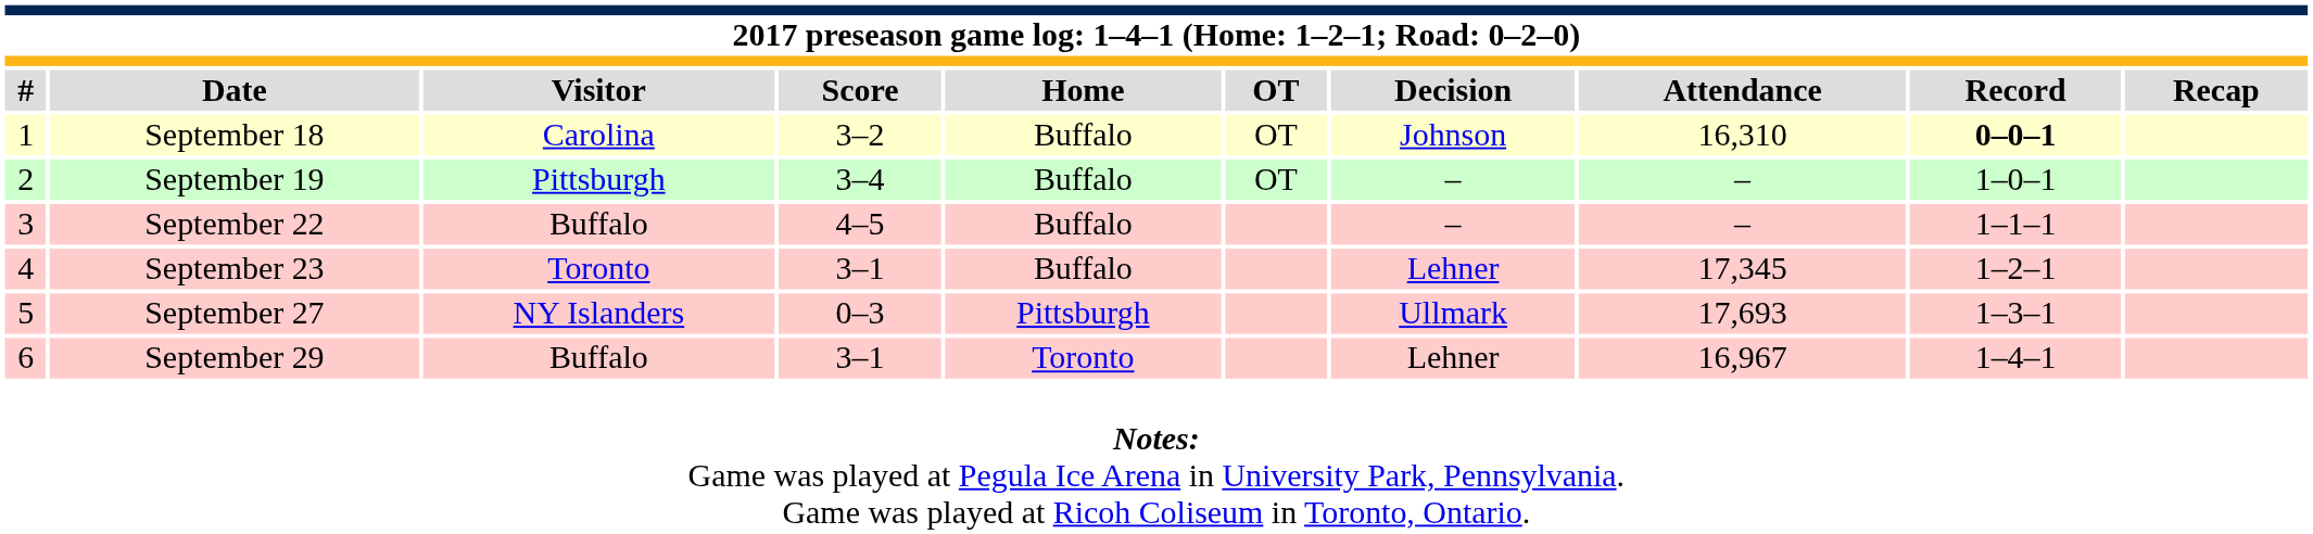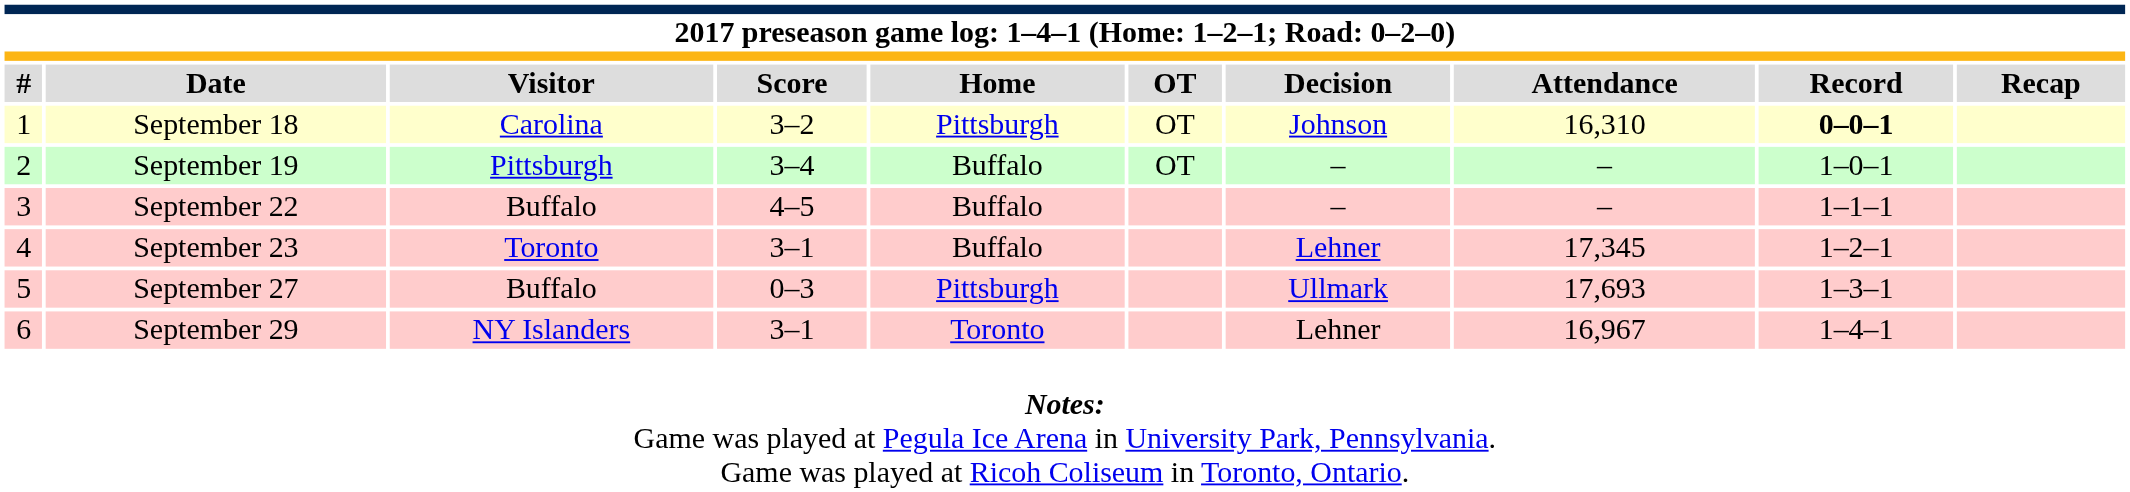 <table class="toccolours collapsible collapsed" style="width:90%; clear:both; margin:1.5em auto; text-align:center;">
 <tr>
 <th colspan=11 style="background:#FFFFFF; border-top:#002654 5px solid; border-bottom:#FCB514 5px solid;">2017 preseason game log: 1–4–1 (Home: 1–2–1; Road: 0–2–0)</th>
 </tr>
 <tr style="background:#ddd;">
 <th>#</th>
 <th>Date</th>
 <th>Visitor</th>
 <th>Score</th>
 <th>Home</th>
 <th>OT</th>
 <th>Decision</th>
 <th>Attendance</th>
 <th>Record</th>
 <th>Recap</th>
 </tr>
 <tr style="background:#ffc;">
 <td>1</td>
 <td>September 18</td>
 <td><a href='#'>Carolina</a></td>
 <td>3–2</td>
-<td>Buffalo</td>
+<td><a href='#'>Pittsburgh</a></td>
 <td>OT</td>
 <td><a href='#'>Johnson</a></td>
 <td>16,310</td>
 <td><strong>0–0–1</strong></td>
 <td></td>
 </tr>
 <tr style="background:#cfc;">
 <td>2</td>
 <td>September 19</td>
 <td><a href='#'>Pittsburgh</a></td>
 <td>3–4</td>
 <td>Buffalo</td>
 <td>OT</td>
 <td>–</td>
 <td>–</td>
 <td>1–0–1</td>
 <td></td>
 </tr>
 <tr style="background:#fcc;">
 <td>3</td>
 <td>September 22</td>
 <td>Buffalo</td>
 <td>4–5</td>
 <td>Buffalo</td>
 <td></td>
 <td>–</td>
 <td>–</td>
 <td>1–1–1</td>
 <td></td>
 </tr>
 <tr style="background:#fcc;">
 <td>4</td>
 <td>September 23</td>
 <td><a href='#'>Toronto</a></td>
 <td>3–1</td>
 <td>Buffalo</td>
 <td></td>
 <td><a href='#'>Lehner</a></td>
 <td>17,345</td>
 <td>1–2–1</td>
 <td></td>
 </tr>
 <tr style="background:#fcc;">
 <td>5</td>
 <td>September 27</td>
-<td><a href='#'>NY Islanders</a></td>
+<td>Buffalo</td>
 <td>0–3</td>
 <td><a href='#'>Pittsburgh</a></td>
 <td></td>
 <td><a href='#'>Ullmark</a></td>
 <td>17,693</td>
 <td>1–3–1</td>
 <td></td>
 </tr>
 <tr style="background:#fcc;">
 <td>6</td>
 <td>September 29</td>
-<td>Buffalo</td>
+<td><a href='#'>NY Islanders</a></td>
 <td>3–1</td>
 <td><a href='#'>Toronto</a></td>
 <td></td>
 <td>Lehner</td>
 <td>16,967</td>
 <td>1–4–1</td>
 <td></td>
 </tr>
 <tr>
 <td colspan="10" style="text-align:center;"><br><strong><em>Notes:</em></strong><br> Game was played at <a href='#'>Pegula Ice Arena</a> in <a href='#'>University Park, Pennsylvania</a>.<br> Game was played at <a href='#'>Ricoh Coliseum</a> in <a href='#'>Toronto, Ontario</a>.</td>
 </tr>
 </table>
